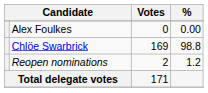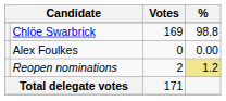 <table class="wikitable plainrowheaders" style="font-size: 95%;">
 <tr style="background-color:#E9E9E9">
 <th scope="col" colspan="2" style="width: 170px">Candidate</th>
 <th scope="col" style="width: 50px">Votes</th>
 <th scope="col" style="width: 40px">%</th>
 </tr>
 <tr>
 </tr>
 <tr>
 <th scope="row" style="background-color: "></th>
+<td style="width: 170px"><a href='#'>Chlöe Swarbrick</a></td>
+<td align="right">169</td>
+<td align="right">98.8</td>
+</tr>
+<tr>
+<th scope="row" style="background-color: "></th>
 <td style="width: 170px">Alex Foulkes</td>
 <td align="right">0</td>
 <td align="right">0.00</td>
 </tr>
 <tr>
-<th scope="row" style="background-color: "></th>
-<td style="width: 170px"><a href='#'>Chlöe Swarbrick</a></td>
-<td align="right">169</td>
-<td align="right">98.8</td>
-</tr>
-<tr>
 <th scope="row"></th>
 <td><em>Reopen nominations</em></td>
 <td align="right">2</td>
-<td align="right">1.2</td>
+<td align="right" style="background: khaki;">1.2</td>
 </tr>
 <tr style="background-color:#F6F6F6">
 <th scope="row" colspan="2" align="right"><strong>Total delegate votes</strong></th>
 <td align="right">171</td>
 <td align="right"></td>
 </tr>
 <tr>
 </tr>
 <tr style="background-color:#F6F6F6">
 </tr>
 </table>
